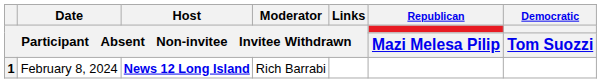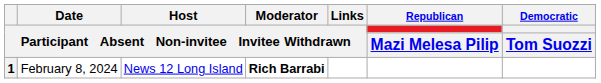 <table class="wikitable mw-collapsible" style="text-align:center;">
 <tr style="font-size:small;">
 <th scope="col"></th>
 <th scope="col">Date</th>
 <th scope="col">Host</th>
 <th scope="col">Moderator</th>
 <th scope="col">Links</th>
 <th scope="col"><small><a href='#'>Republican</a></small></th>
 <th scope="col"><small><a href='#'>Democratic</a></small></th>
 </tr>
 <tr>
 <th colspan="5" rowspan="2"> <small>Participant  </small> <small>Absent  </small> <small>Non-invitee  </small> <small>Invitee</small> <small> Withdrawn</small></th>
 <th scope="col" style="background:#E81B23;"></th>
 <th scope="col" style="background:"></th>
 </tr>
 <tr>
 <th scope="col"><a href='#'>Mazi Melesa Pilip</a></th>
 <th scope="col"><a href='#'>Tom Suozzi</a></th>
 </tr>
 <tr style="background:#FFFFFF;font-size:small;">
 <th scope="row">1</th>
 <td style="white-space:nowrap;">February 8, 2024</td>
-<td style="white-space:nowrap;"><strong><a href='#'>News 12 Long Island</a></strong></td>
-<td style="white-space:nowrap;">Rich Barrabi</td>
+<td style="white-space:nowrap;"><a href='#'>News 12 Long Island</a></td>
+<td style="white-space:nowrap;"><strong>Rich Barrabi</strong></td>
 <td style="white-space:nowrap;"></td>
 <td></td>
 <td></td>
 </tr>
 </table>
